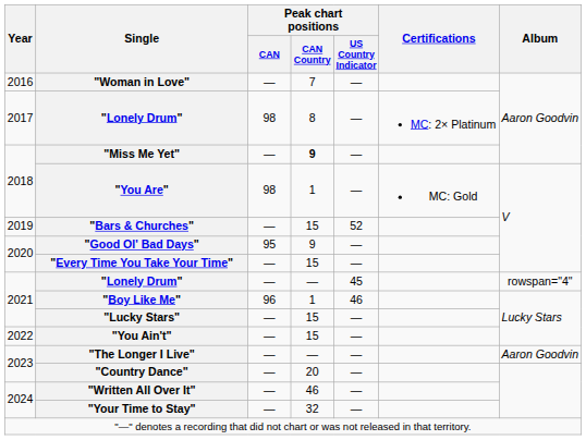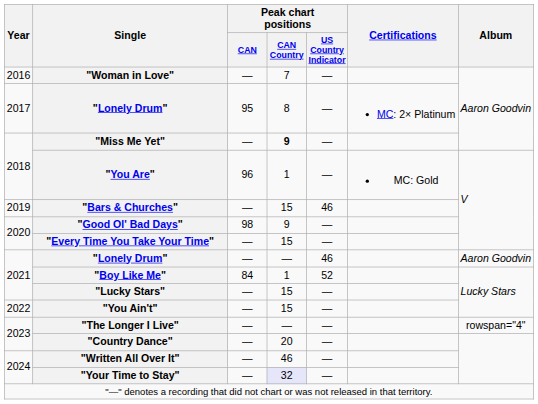 <table class="wikitable plainrowheaders" style="text-align:center;">
 <tr>
 <th rowspan="2">Year</th>
 <th rowspan="2" style="width:18em;">Single</th>
 <th colspan="3">Peak chart<br>positions</th>
 <th rowspan="2" style="width:10em;"><a href='#'>Certifications</a></th>
 <th rowspan="2">Album</th>
 </tr>
 <tr style="font-size:smaller;">
 <th style="width:4em;"><a href='#'>CAN</a><br></th>
 <th style="width:4em;"><a href='#'>CAN Country</a><br></th>
 <th style="width:4em;"><a href='#'>US Country Indicator</a><br></th>
 </tr>
 <tr>
 <td>2016</td>
 <th scope="row">"Woman in Love"</th>
 <td>—</td>
 <td>7</td>
 <td>—</td>
 <td></td>
 <td align="left" rowspan="3"><em>Aaron Goodvin</em></td>
 </tr>
 <tr>
 <td>2017</td>
 <th scope="row">"<a href='#'>Lonely Drum</a>"</th>
-<td>98</td>
+<td>95</td>
 <td>8</td>
 <td>—</td>
 <td><br><ul><li><a href='#'>MC</a>: 2× Platinum</li></ul></td>
 </tr>
 <tr>
 <td rowspan="2">2018</td>
 <th scope="row">"Miss Me Yet"</th>
 <td>—</td>
 <td><strong>9</strong></td>
 <td>—</td>
 <td></td>
 </tr>
 <tr>
 <th scope="row">"<a href='#'>You Are</a>"</th>
-<td>98</td>
+<td>96</td>
 <td>1</td>
 <td>—</td>
 <td><br><ul><li>MC: Gold</li></ul></td>
 <td align="left" rowspan="4"><em>V</em></td>
 </tr>
 <tr>
 <td>2019</td>
 <th scope="row">"<a href='#'>Bars & Churches</a>"</th>
 <td>—</td>
 <td>15</td>
-<td>52</td>
+<td>46</td>
 <td></td>
 </tr>
 <tr>
 <td rowspan="2">2020</td>
 <th scope="row">"<a href='#'>Good Ol' Bad Days</a>"</th>
-<td>95</td>
+<td>98</td>
 <td>9</td>
 <td>—</td>
 <td></td>
 </tr>
 <tr>
 <th scope="row">"<a href='#'>Every Time You Take Your Time</a>"</th>
 <td>—</td>
 <td>15</td>
 <td>—</td>
 <td></td>
 </tr>
 <tr>
 <td rowspan="3">2021</td>
 <th scope="row">"<a href='#'>Lonely Drum</a>"</th>
 <td>—</td>
 <td>—</td>
-<td>45</td>
+<td>46</td>
 <td></td>
-<td>rowspan="4" </td>
+<td align="left"><em>Aaron Goodvin</em></td>
 </tr>
 <tr>
 <th scope="row">"<a href='#'>Boy Like Me</a>"</th>
-<td>96</td>
+<td>84</td>
 <td>1</td>
-<td>46</td>
+<td>52</td>
 <td></td>
 <td align="left" rowspan="3"><em>Lucky Stars</em></td>
 </tr>
 <tr>
 <th scope="row">"Lucky Stars"</th>
 <td>—</td>
 <td>15</td>
 <td>—</td>
 <td></td>
 </tr>
 <tr>
 <td>2022</td>
 <th scope="row">"You Ain't" <br></th>
 <td>—</td>
 <td>15</td>
 <td>—</td>
 <td></td>
 </tr>
 <tr>
 <td rowspan="2">2023</td>
 <th scope="row">"The Longer I Live" <br></th>
 <td>—</td>
 <td>—</td>
 <td>—</td>
 <td></td>
-<td align="left"><em>Aaron Goodvin</em></td>
+<td>rowspan="4" </td>
 </tr>
 <tr>
 <th scope="row">"Country Dance"</th>
 <td>—</td>
 <td>20</td>
 <td>—</td>
 <td></td>
 </tr>
 <tr>
 <td rowspan="2">2024</td>
 <th scope="row">"Written All Over It"</th>
 <td>—</td>
 <td>46</td>
 <td>—</td>
 <td></td>
 </tr>
 <tr>
 <th scope="row">"Your Time to Stay"</th>
 <td>—</td>
-<td>32</td>
+<td style="background: lavender;">32</td>
 <td>—</td>
 <td></td>
 </tr>
 <tr>
 <td colspan="7" style="font-size:90%">"—" denotes a recording that did not chart or was not released in that territory.</td>
 </tr>
 </table>
